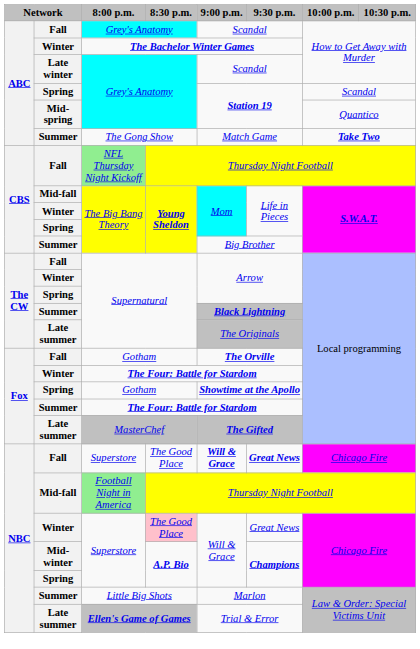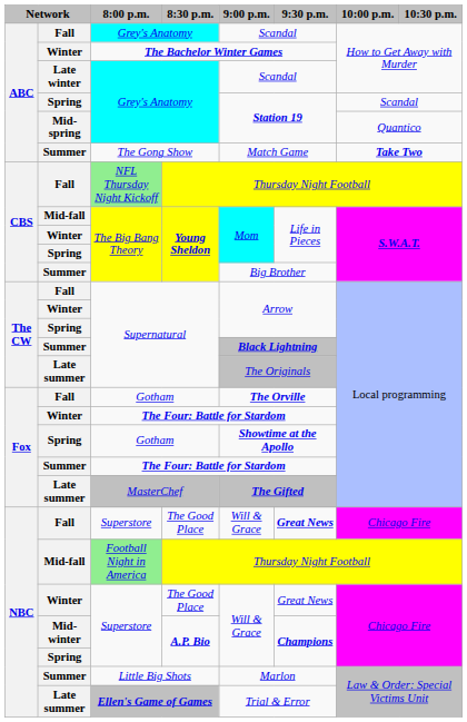 <table class="wikitable" style="width:100%;margin-right:0;text-align:center">
 <tr>
 <th colspan="2" style="background-color:#C0C0C0;text-align:center">Network</th>
 <th style="background-color:#C0C0C0;text-align:center">8:00 p.m.</th>
 <th style="background-color:#C0C0C0;text-align:center">8:30 p.m.</th>
 <th style="background-color:#C0C0C0;text-align:center">9:00 p.m.</th>
 <th style="background-color:#C0C0C0;text-align:center">9:30 p.m.</th>
 <th style="background-color:#C0C0C0;text-align:center">10:00 p.m.</th>
 <th style="background-color:#C0C0C0;text-align:center">10:30 p.m.</th>
 </tr>
 <tr>
 <th rowspan="6"><a href='#'>ABC</a></th>
 <th>Fall</th>
 <td colspan="2" style="background:#00FFFF;"><em><a href='#'>Grey's Anatomy</a></em> </td>
 <td colspan="2"><em><a href='#'>Scandal</a></em></td>
 <td rowspan="3" colspan="2"><em><a href='#'>How to Get Away with Murder</a></em></td>
 </tr>
 <tr>
 <th>Winter</th>
 <td colspan="4"><strong><em><a href='#'>The Bachelor Winter Games</a></em></strong></td>
 </tr>
 <tr>
 <th>Late winter</th>
 <td rowspan="3" colspan="2" style="background:#00FFFF;"><em><a href='#'>Grey's Anatomy</a></em> </td>
 <td colspan="2"><em><a href='#'>Scandal</a></em></td>
 </tr>
 <tr>
 <th>Spring</th>
 <td rowspan="2" colspan="2"><strong><em><a href='#'>Station 19</a></em></strong></td>
 <td colspan="2"><em><a href='#'>Scandal</a></em></td>
 </tr>
 <tr>
 <th>Mid-spring</th>
 <td colspan="2"><em><a href='#'>Quantico</a></em></td>
 </tr>
 <tr>
 <th>Summer</th>
 <td colspan="2"><em><a href='#'>The Gong Show</a></em></td>
 <td colspan="2"><em><a href='#'>Match Game</a></em></td>
 <td colspan="2"><strong><em><a href='#'>Take Two</a></em></strong></td>
 </tr>
 <tr>
 <th rowspan="5"><a href='#'>CBS</a></th>
 <th>Fall</th>
 <td style="background:lightgreen"><em><a href='#'>NFL Thursday Night Kickoff</a></em></td>
 <td colspan="5" style="background:#FFFF00;"><em><a href='#'>Thursday Night Football</a></em>  </td>
 </tr>
 <tr>
 <th>Mid-fall</th>
 <td rowspan="4" style="background:#FFFF00;"><em><a href='#'>The Big Bang Theory</a></em> </td>
 <td rowspan="4" style="background:#FFFF00;"><strong><em><a href='#'>Young Sheldon</a></em></strong> </td>
 <td rowspan="3" style="background:#00FFFF;"><em><a href='#'>Mom</a></em> </td>
 <td rowspan="3"><em><a href='#'>Life in Pieces</a></em></td>
 <td rowspan="4" colspan="2" style="background:#FF00FF;"><strong><em><a href='#'>S.W.A.T.</a></em></strong> </td>
 </tr>
 <tr>
 <th>Winter</th>
 </tr>
 <tr>
 <th>Spring</th>
 </tr>
 <tr>
 <th>Summer</th>
 <td colspan="2"><em><a href='#'>Big Brother</a></em></td>
 </tr>
 <tr>
 <th rowspan="5"><a href='#'>The CW</a></th>
 <th>Fall</th>
 <td rowspan="5" colspan="2"><em><a href='#'>Supernatural</a></em></td>
 <td rowspan="3" colspan="2"><em><a href='#'>Arrow</a></em></td>
 <td rowspan="10" colspan="2" style="background:#abbfff;">Local programming</td>
 </tr>
 <tr>
 <th>Winter</th>
 </tr>
 <tr>
 <th>Spring</th>
 </tr>
 <tr>
 <th>Summer</th>
 <td style="background:#C0C0C0;" colspan="2"><strong><em><a href='#'>Black Lightning</a></em></strong> </td>
 </tr>
 <tr>
 <th>Late summer</th>
 <td style="background:#C0C0C0;" colspan="2"><em><a href='#'>The Originals</a></em> </td>
 </tr>
 <tr>
 <th rowspan="5"><a href='#'>Fox</a></th>
 <th>Fall</th>
 <td colspan="2"><em><a href='#'>Gotham</a></em></td>
 <td colspan="2"><strong><em><a href='#'>The Orville</a></em></strong></td>
 </tr>
 <tr>
 <th>Winter</th>
 <td colspan="4"><strong><em><a href='#'>The Four: Battle for Stardom</a></em></strong></td>
 </tr>
 <tr>
 <th>Spring</th>
 <td colspan="2"><em><a href='#'>Gotham</a></em></td>
 <td colspan="2"><strong><em><a href='#'>Showtime at the Apollo</a></em></strong></td>
 </tr>
 <tr>
 <th>Summer</th>
 <td colspan="4"><strong><em><a href='#'>The Four: Battle for Stardom</a></em></strong></td>
 </tr>
 <tr>
 <th>Late summer</th>
 <td style="background:#C0C0C0;" colspan="2"><em><a href='#'>MasterChef</a></em> </td>
 <td style="background:#C0C0C0;" colspan="2"><strong><em><a href='#'>The Gifted</a></em></strong> </td>
 </tr>
 <tr>
 <th rowspan="7"><a href='#'>NBC</a></th>
 <th>Fall</th>
 <td><em><a href='#'>Superstore</a></em></td>
 <td><em><a href='#'>The Good Place</a></em></td>
-<td><strong><em><a href='#'>Will & Grace</a></em></strong></td>
+<td><em><a href='#'>Will & Grace</a></em></td>
 <td><strong><em><a href='#'>Great News</a></em></strong></td>
 <td colspan="2" style="background:#FF00FF;"><em><a href='#'>Chicago Fire</a></em> </td>
 </tr>
 <tr>
 <th>Mid-fall</th>
 <td style="background:lightgreen"><em><a href='#'>Football Night in America</a></em></td>
 <td colspan="5" style="background:#FFFF00;"><em><a href='#'>Thursday Night Football</a></em>  </td>
 </tr>
 <tr>
 <th>Winter</th>
 <td rowspan="3"><em><a href='#'>Superstore</a></em></td>
-<td style="background: pink;"><em><a href='#'>The Good Place</a></em></td>
+<td><em><a href='#'>The Good Place</a></em></td>
 <td rowspan="3"><em><a href='#'>Will & Grace</a></em></td>
 <td><em><a href='#'>Great News</a></em></td>
 <td rowspan="3" colspan="2" style="background:#FF00FF;"><em><a href='#'>Chicago Fire</a></em> </td>
 </tr>
 <tr>
 <th>Mid-winter</th>
 <td rowspan="2"><strong><em><a href='#'>A.P. Bio</a></em></strong></td>
 <td rowspan="2"><strong><em><a href='#'>Champions</a></em></strong></td>
 </tr>
 <tr>
 <th>Spring</th>
 </tr>
 <tr>
 <th>Summer</th>
 <td colspan="2"><em><a href='#'>Little Big Shots</a></em></td>
 <td colspan="2"><em><a href='#'>Marlon</a></em></td>
 <td style="background:#C0C0C0;" rowspan="2" colspan="2"><em><a href='#'>Law & Order: Special Victims Unit</a></em> </td>
 </tr>
 <tr>
 <th>Late summer</th>
 <td style="background:#C0C0C0;" colspan="2"><strong><em><a href='#'>Ellen's Game of Games</a></em></strong> </td>
 <td colspan="2"><em><a href='#'>Trial & Error</a></em></td>
 </tr>
 </table>
